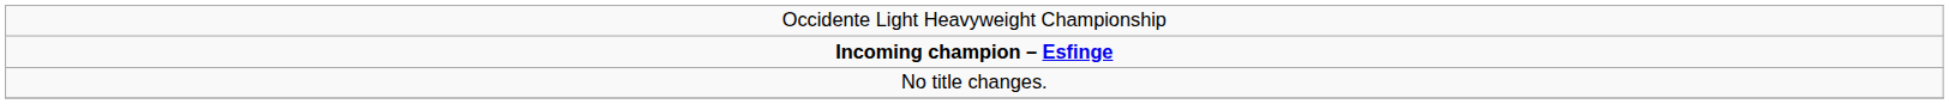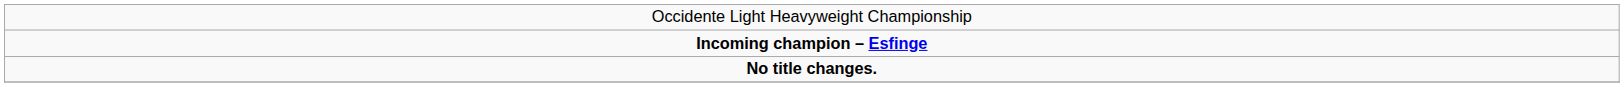 <table class="wikitable" style="text-align:center; width:100%;">
 <tr>
 <td colspan="4" style="text-align: center;">Occidente Light Heavyweight Championship</td>
 </tr>
 <tr>
 <td colspan="4" style="text-align: center;"><strong>Incoming champion – <a href='#'>Esfinge</a></strong></td>
 </tr>
 <tr>
-<td>No title changes.</td>
+<td><strong>No title changes.</strong></td>
 </tr>
 <tr>
 </tr>
 </table>
